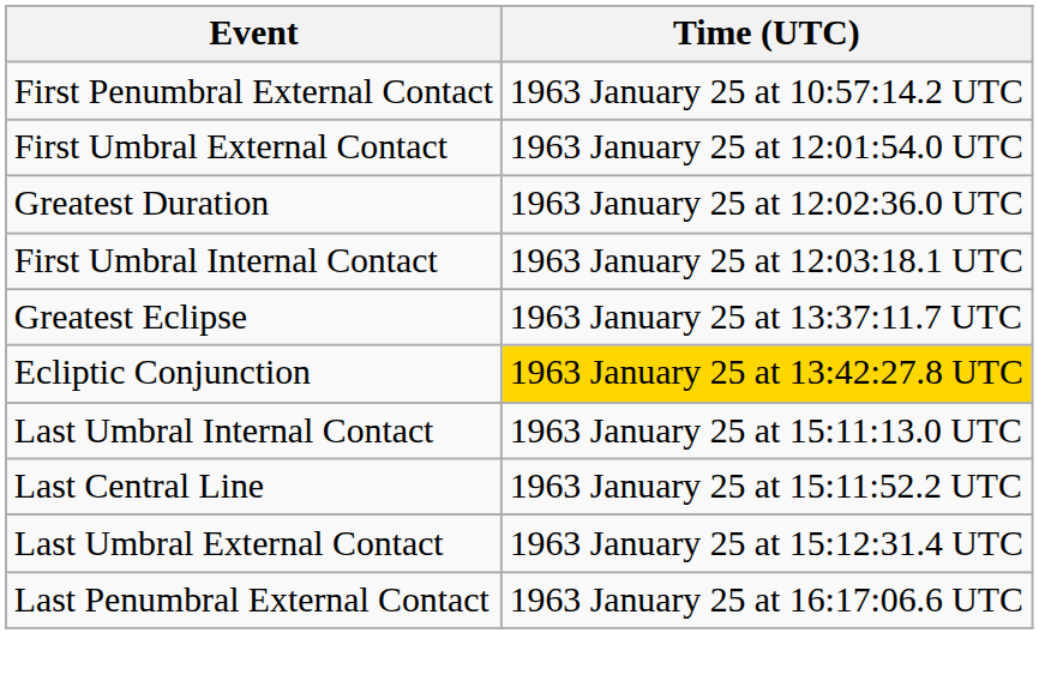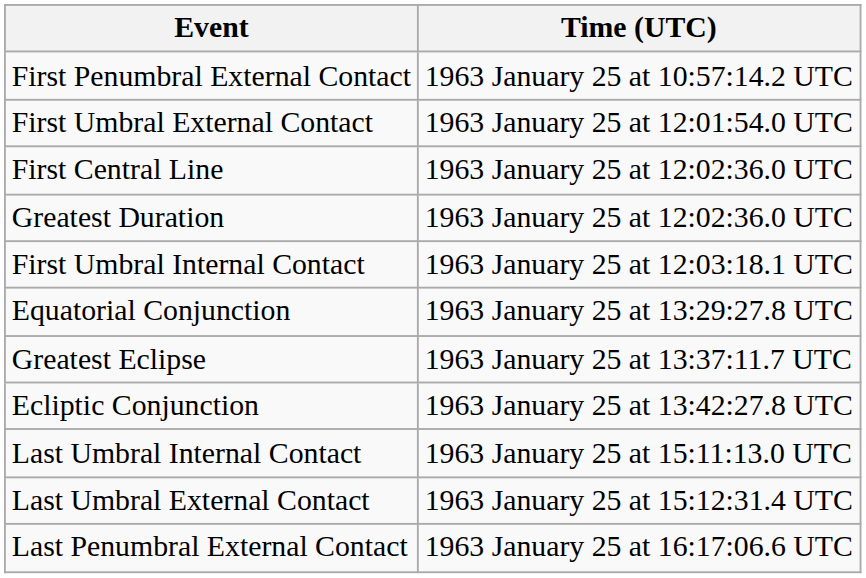 <table class="wikitable">
 <tr>
 <th>Event</th>
 <th>Time (UTC)</th>
 </tr>
 <tr>
 <td>First Penumbral External Contact</td>
 <td>1963 January 25 at 10:57:14.2 UTC</td>
 </tr>
 <tr>
 <td>First Umbral External Contact</td>
 <td>1963 January 25 at 12:01:54.0 UTC</td>
 </tr>
 <tr>
+<td>First Central Line</td>
+<td>1963 January 25 at 12:02:36.0 UTC</td>
+</tr>
+<tr>
 <td>Greatest Duration</td>
 <td>1963 January 25 at 12:02:36.0 UTC</td>
 </tr>
 <tr>
 <td>First Umbral Internal Contact</td>
 <td>1963 January 25 at 12:03:18.1 UTC</td>
 </tr>
 <tr>
+<td>Equatorial Conjunction</td>
+<td>1963 January 25 at 13:29:27.8 UTC</td>
+</tr>
+<tr>
 <td>Greatest Eclipse</td>
 <td>1963 January 25 at 13:37:11.7 UTC</td>
 </tr>
 <tr>
 <td>Ecliptic Conjunction</td>
-<td style="background: gold;">1963 January 25 at 13:42:27.8 UTC</td>
+<td>1963 January 25 at 13:42:27.8 UTC</td>
 </tr>
 <tr>
 <td>Last Umbral Internal Contact</td>
 <td>1963 January 25 at 15:11:13.0 UTC</td>
-</tr>
-<tr>
-<td>Last Central Line</td>
-<td>1963 January 25 at 15:11:52.2 UTC</td>
 </tr>
 <tr>
 <td>Last Umbral External Contact</td>
 <td>1963 January 25 at 15:12:31.4 UTC</td>
 </tr>
 <tr>
 <td>Last Penumbral External Contact</td>
 <td>1963 January 25 at 16:17:06.6 UTC</td>
 </tr>
 </table>
